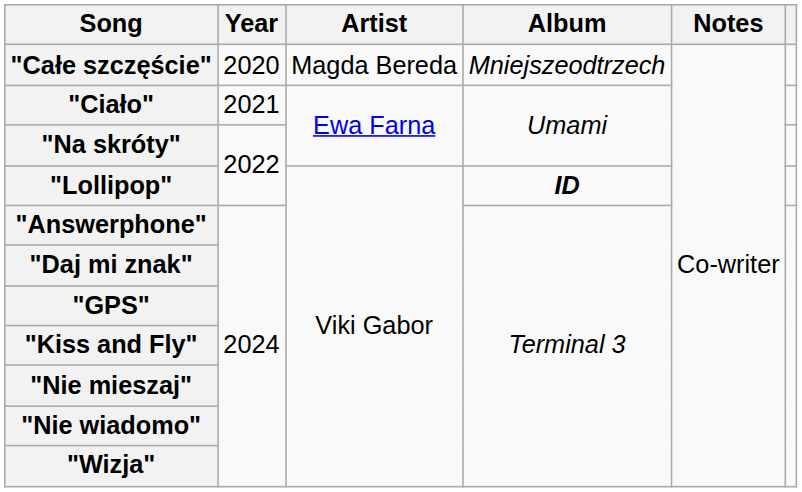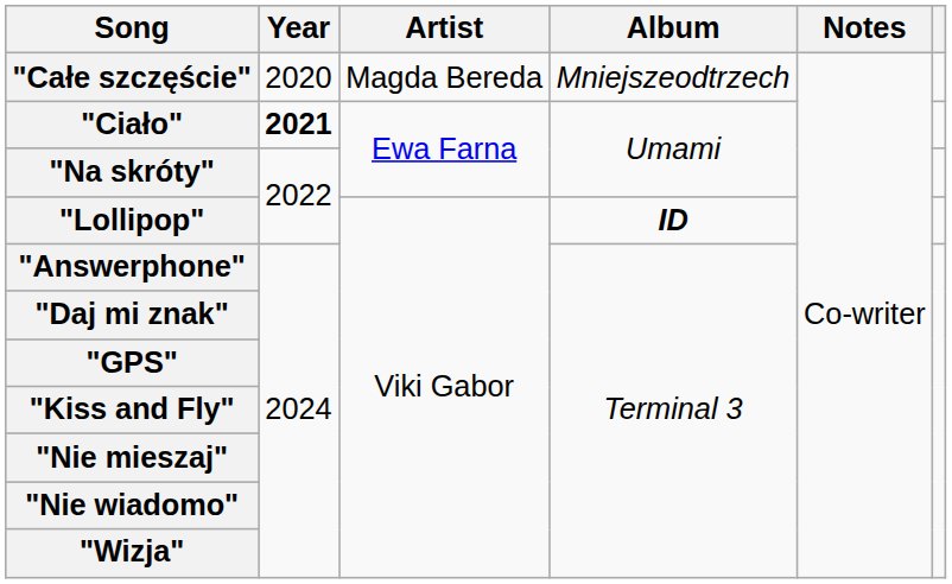 <table class="wikitable plainrowheaders" style="text-align:center;">
 <tr>
 <th scope="col">Song</th>
 <th scope="col">Year</th>
 <th scope="col">Artist</th>
 <th scope="col">Album</th>
 <th scope="col">Notes</th>
 <th scope="col"></th>
 </tr>
 <tr>
 <th scope="row">"Całe szczęście"</th>
 <td>2020</td>
 <td>Magda Bereda</td>
 <td><em>Mniejszeodtrzech</em></td>
 <td rowspan="11">Co-writer</td>
 <td></td>
 </tr>
 <tr>
 <th scope="row">"Ciało"</th>
-<td>2021</td>
+<td><strong>2021</strong></td>
 <td rowspan="2"><a href='#'>Ewa Farna</a></td>
 <td rowspan="2"><em>Umami</em><br></td>
 <td></td>
 </tr>
 <tr>
 <th scope="row">"Na skróty"</th>
 <td rowspan="2">2022</td>
 <td></td>
 </tr>
 <tr>
 <th scope="row">"Lollipop"</th>
 <td rowspan="8">Viki Gabor</td>
 <td><strong><em>ID</em></strong></td>
 <td></td>
 </tr>
 <tr>
 <th scope="row">"Answerphone"</th>
 <td rowspan="7">2024</td>
 <td rowspan="7"><em>Terminal 3</em></td>
 <td rowspan="7"></td>
 </tr>
 <tr>
 <th scope="row">"Daj mi znak"</th>
 </tr>
 <tr>
 <th scope="row">"GPS"</th>
 </tr>
 <tr>
 <th scope="row">"Kiss and Fly"</th>
 </tr>
 <tr>
 <th scope="row">"Nie mieszaj"</th>
 </tr>
 <tr>
 <th scope="row">"Nie wiadomo"</th>
 </tr>
 <tr>
 <th scope="row">"Wizja"</th>
 </tr>
 </table>
